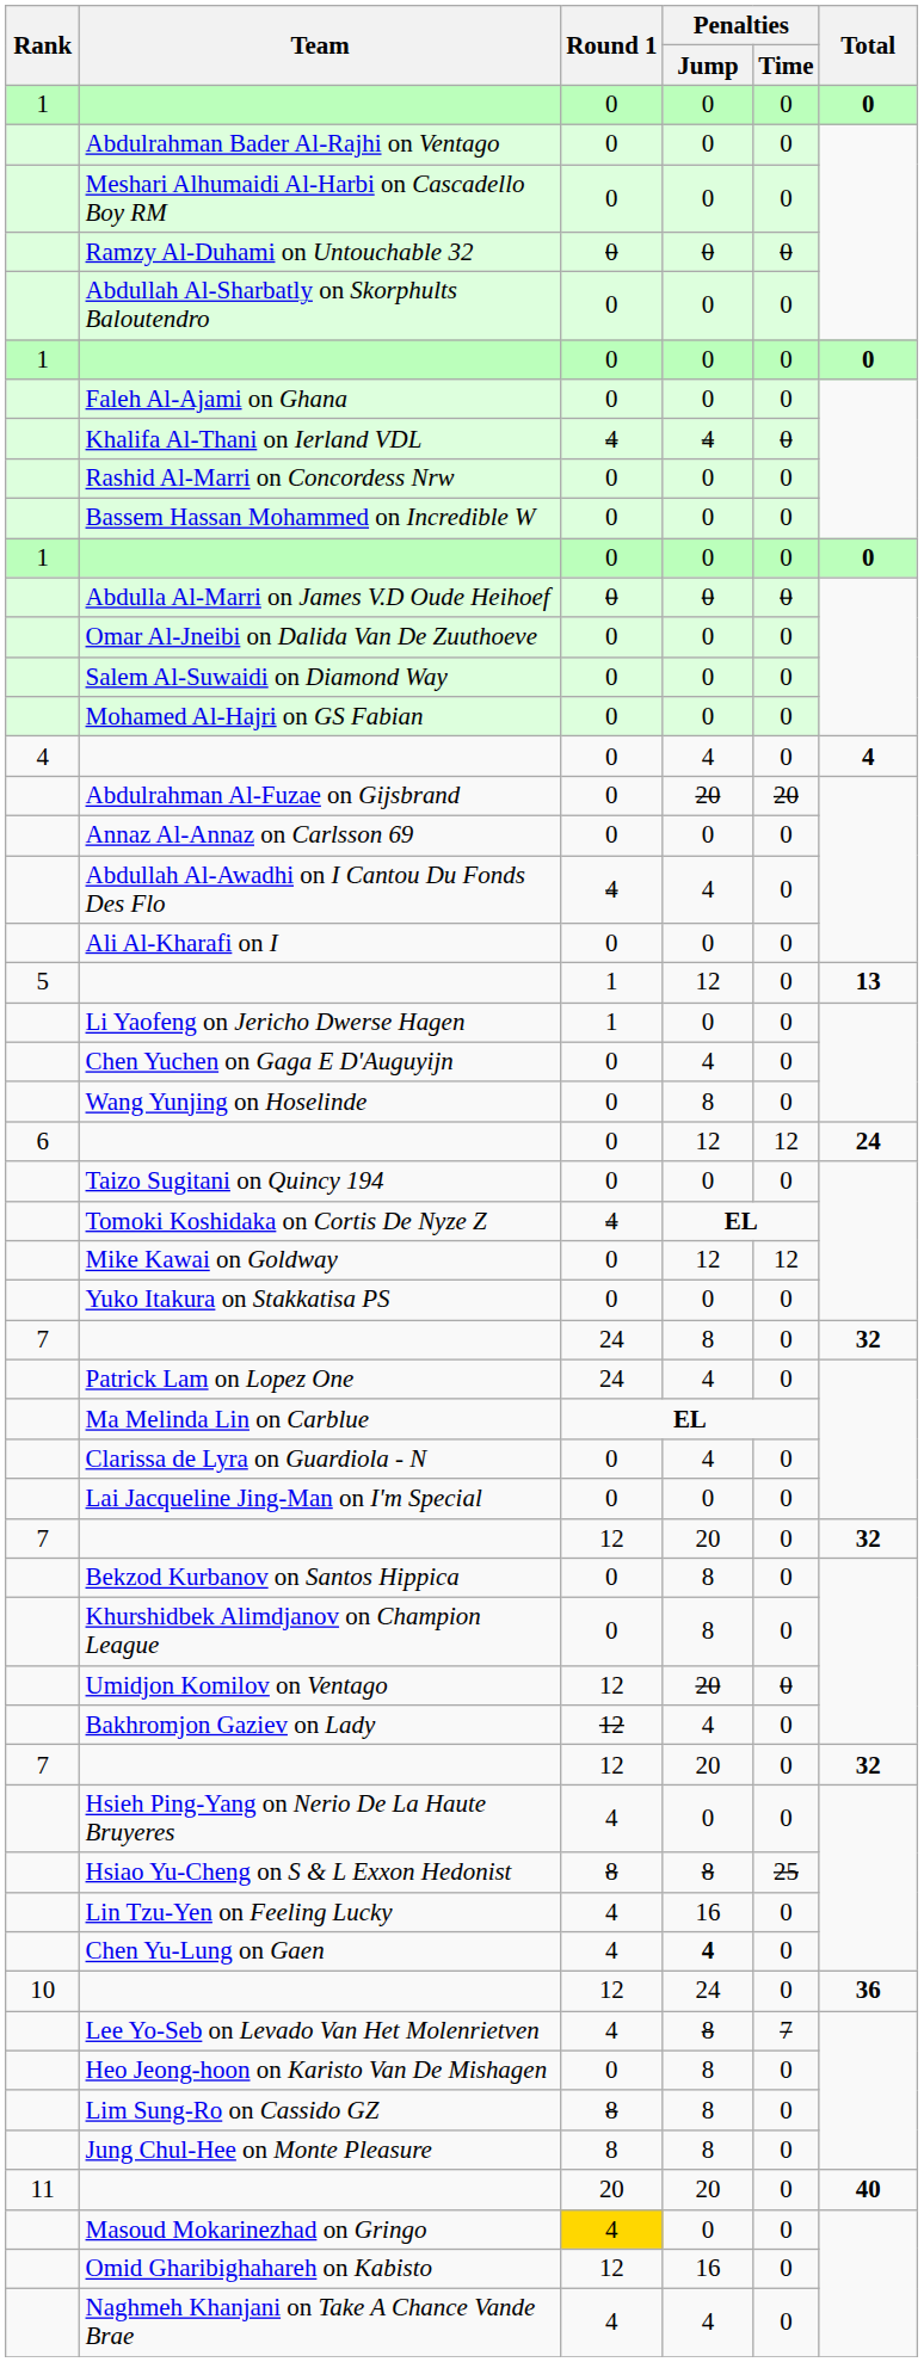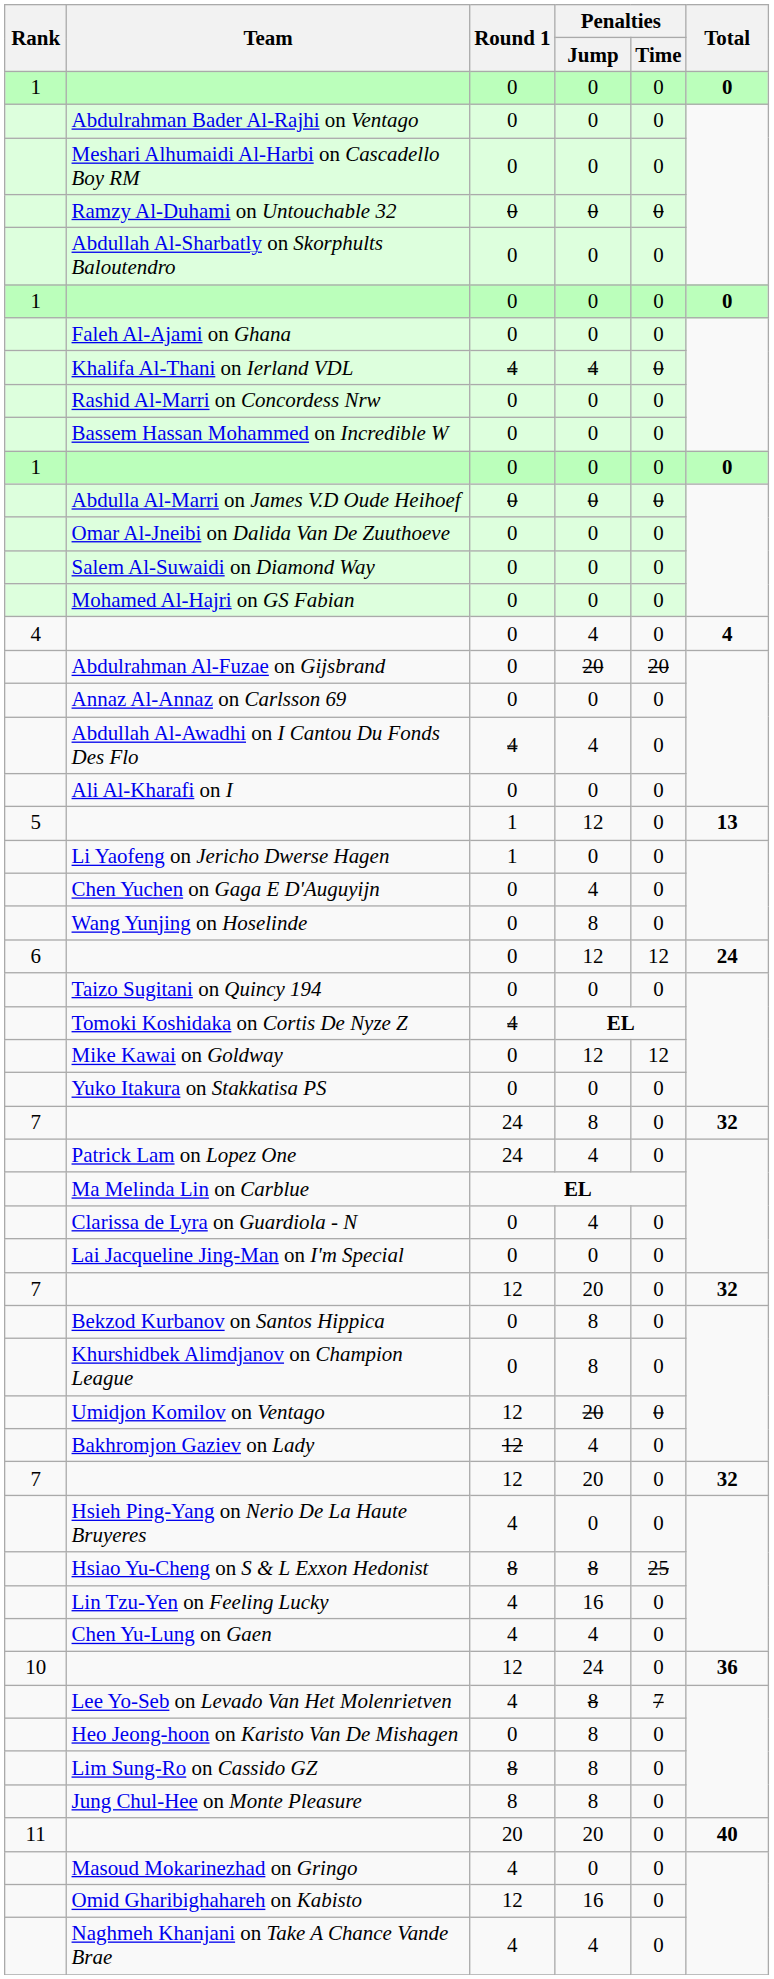 <table class=wikitable style="text-align:center">
 <tr>
 <th rowspan=2 width=40>Rank</th>
 <th rowspan=2 width=300>Team</th>
 <th rowspan=2>Round 1</th>
 <th colspan=2>Penalties</th>
 <th rowspan=2 width=55>Total</th>
 </tr>
 <tr>
 <th width=50>Jump</th>
 <th width=35>Time</th>
 </tr>
 <tr bgcolor="#bbffbb">
 <td>1</td>
 <td align=left></td>
 <td>0</td>
 <td>0</td>
 <td>0</td>
 <td><strong>0</strong></td>
 </tr>
 <tr bgcolor="#ddffdd">
 <td></td>
 <td align=left><a href='#'>Abdulrahman Bader Al-Rajhi</a> on <em>Ventago</em></td>
 <td>0</td>
 <td>0</td>
 <td>0</td>
 </tr>
 <tr bgcolor="#ddffdd">
 <td></td>
 <td align=left><a href='#'>Meshari Alhumaidi Al-Harbi</a> on <em>Cascadello Boy RM </em></td>
 <td>0</td>
 <td>0</td>
 <td>0</td>
 </tr>
 <tr bgcolor="#ddffdd">
 <td></td>
 <td align=left><a href='#'>Ramzy Al-Duhami</a> on <em>Untouchable 32</em></td>
 <td><s>0</s></td>
 <td><s>0</s></td>
 <td><s>0</s></td>
 </tr>
 <tr bgcolor="#ddffdd">
 <td></td>
 <td align=left><a href='#'>Abdullah Al-Sharbatly</a> on <em>Skorphults Baloutendro</em></td>
 <td>0</td>
 <td>0</td>
 <td>0</td>
 </tr>
 <tr bgcolor="#bbffbb">
 <td>1</td>
 <td align=left></td>
 <td>0</td>
 <td>0</td>
 <td>0</td>
 <td><strong>0</strong></td>
 </tr>
 <tr bgcolor="#ddffdd">
 <td></td>
 <td align=left><a href='#'>Faleh Al-Ajami</a> on <em>Ghana</em></td>
 <td>0</td>
 <td>0</td>
 <td>0</td>
 </tr>
 <tr bgcolor="#ddffdd">
 <td></td>
 <td align=left><a href='#'>Khalifa Al-Thani</a> on <em>Ierland VDL</em></td>
 <td><s>4</s></td>
 <td><s>4</s></td>
 <td><s>0</s></td>
 </tr>
 <tr bgcolor="#ddffdd">
 <td></td>
 <td align=left><a href='#'>Rashid Al-Marri</a> on <em>Concordess Nrw</em></td>
 <td>0</td>
 <td>0</td>
 <td>0</td>
 </tr>
 <tr bgcolor="#ddffdd">
 <td></td>
 <td align=left><a href='#'>Bassem Hassan Mohammed</a> on <em>Incredible W</em></td>
 <td>0</td>
 <td>0</td>
 <td>0</td>
 </tr>
 <tr bgcolor="#bbffbb">
 <td>1</td>
 <td align=left></td>
 <td>0</td>
 <td>0</td>
 <td>0</td>
 <td><strong>0</strong></td>
 </tr>
 <tr bgcolor="#ddffdd">
 <td></td>
 <td align=left><a href='#'>Abdulla Al-Marri</a> on <em>James V.D Oude Heihoef </em></td>
 <td><s>0</s></td>
 <td><s>0</s></td>
 <td><s>0</s></td>
 </tr>
 <tr bgcolor="#ddffdd">
 <td></td>
 <td align=left><a href='#'>Omar Al-Jneibi</a> on <em>Dalida Van De Zuuthoeve </em></td>
 <td>0</td>
 <td>0</td>
 <td>0</td>
 </tr>
 <tr bgcolor="#ddffdd">
 <td></td>
 <td align=left><a href='#'>Salem Al-Suwaidi</a> on <em>Diamond Way</em></td>
 <td>0</td>
 <td>0</td>
 <td>0</td>
 </tr>
 <tr bgcolor="#ddffdd">
 <td></td>
 <td align=left><a href='#'>Mohamed Al-Hajri</a> on <em>GS Fabian</em></td>
 <td>0</td>
 <td>0</td>
 <td>0</td>
 </tr>
 <tr>
 <td>4</td>
 <td align=left></td>
 <td>0</td>
 <td>4</td>
 <td>0</td>
 <td><strong>4</strong></td>
 </tr>
 <tr>
 <td></td>
 <td align=left><a href='#'>Abdulrahman Al-Fuzae</a> on <em>Gijsbrand</em></td>
 <td>0</td>
 <td><s>20</s></td>
 <td><s>20</s></td>
 </tr>
 <tr>
 <td></td>
 <td align=left><a href='#'>Annaz Al-Annaz</a> on <em>Carlsson 69 </em></td>
 <td>0</td>
 <td>0</td>
 <td>0</td>
 </tr>
 <tr>
 <td></td>
 <td align=left><a href='#'>Abdullah Al-Awadhi</a> on <em>I Cantou Du Fonds Des Flo</em></td>
 <td><s>4</s></td>
 <td>4</td>
 <td>0</td>
 </tr>
 <tr>
 <td></td>
 <td align=left><a href='#'>Ali Al-Kharafi</a> on <em>I</em></td>
 <td>0</td>
 <td>0</td>
 <td>0</td>
 </tr>
 <tr>
 <td>5</td>
 <td align=left></td>
 <td>1</td>
 <td>12</td>
 <td>0</td>
 <td><strong>13</strong></td>
 </tr>
 <tr>
 <td></td>
 <td align=left><a href='#'>Li Yaofeng</a> on <em>Jericho Dwerse Hagen</em></td>
 <td>1</td>
 <td>0</td>
 <td>0</td>
 </tr>
 <tr>
 <td></td>
 <td align=left><a href='#'>Chen Yuchen</a> on <em>Gaga E D'Auguyijn</em></td>
 <td>0</td>
 <td>4</td>
 <td>0</td>
 </tr>
 <tr>
 <td></td>
 <td align=left><a href='#'>Wang Yunjing</a> on <em>Hoselinde</em></td>
 <td>0</td>
 <td>8</td>
 <td>0</td>
 </tr>
 <tr>
 <td>6</td>
 <td align=left></td>
 <td>0</td>
 <td>12</td>
 <td>12</td>
 <td><strong>24</strong></td>
 </tr>
 <tr>
 <td></td>
 <td align=left><a href='#'>Taizo Sugitani</a> on <em>Quincy 194 </em></td>
 <td>0</td>
 <td>0</td>
 <td>0</td>
 </tr>
 <tr>
 <td></td>
 <td align=left><a href='#'>Tomoki Koshidaka</a> on <em>Cortis De Nyze Z</em></td>
 <td><s>4</s></td>
 <td colspan=2><strong>EL</strong></td>
 </tr>
 <tr>
 <td></td>
 <td align=left><a href='#'>Mike Kawai</a> on <em>Goldway</em></td>
 <td>0</td>
 <td>12</td>
 <td>12</td>
 </tr>
 <tr>
 <td></td>
 <td align=left><a href='#'>Yuko Itakura</a> on <em>Stakkatisa PS</em></td>
 <td>0</td>
 <td>0</td>
 <td>0</td>
 </tr>
 <tr>
 <td>7</td>
 <td align=left></td>
 <td>24</td>
 <td>8</td>
 <td>0</td>
 <td><strong>32</strong></td>
 </tr>
 <tr>
 <td></td>
 <td align=left><a href='#'>Patrick Lam</a> on <em>Lopez One </em></td>
 <td>24</td>
 <td>4</td>
 <td>0</td>
 </tr>
 <tr>
 <td></td>
 <td align=left><a href='#'>Ma Melinda Lin</a> on <em>Carblue</em></td>
 <td colspan=3><strong>EL</strong></td>
 </tr>
 <tr>
 <td></td>
 <td align=left><a href='#'>Clarissa de Lyra</a> on <em>Guardiola - N</em></td>
 <td>0</td>
 <td>4</td>
 <td>0</td>
 </tr>
 <tr>
 <td></td>
 <td align=left><a href='#'>Lai Jacqueline Jing-Man</a> on <em>I'm Special</em></td>
 <td>0</td>
 <td>0</td>
 <td>0</td>
 </tr>
 <tr>
 <td>7</td>
 <td align=left></td>
 <td>12</td>
 <td>20</td>
 <td>0</td>
 <td><strong>32</strong></td>
 </tr>
 <tr>
 <td></td>
 <td align=left><a href='#'>Bekzod Kurbanov</a> on <em>Santos Hippica</em></td>
 <td>0</td>
 <td>8</td>
 <td>0</td>
 </tr>
 <tr>
 <td></td>
 <td align=left><a href='#'>Khurshidbek Alimdjanov</a> on <em>Champion League</em></td>
 <td>0</td>
 <td>8</td>
 <td>0</td>
 </tr>
 <tr>
 <td></td>
 <td align=left><a href='#'>Umidjon Komilov</a> on <em>Ventago</em></td>
 <td>12</td>
 <td><s>20</s></td>
 <td><s>0</s></td>
 </tr>
 <tr>
 <td></td>
 <td align=left><a href='#'>Bakhromjon Gaziev</a> on <em>Lady</em></td>
 <td><s>12</s></td>
 <td>4</td>
 <td>0</td>
 </tr>
 <tr>
 <td>7</td>
 <td align=left></td>
 <td>12</td>
 <td>20</td>
 <td>0</td>
 <td><strong>32</strong></td>
 </tr>
 <tr>
 <td></td>
 <td align=left><a href='#'>Hsieh Ping-Yang</a> on <em>Nerio De La Haute Bruyeres</em></td>
 <td>4</td>
 <td>0</td>
 <td>0</td>
 </tr>
 <tr>
 <td></td>
 <td align=left><a href='#'>Hsiao Yu-Cheng</a> on <em>S & L Exxon Hedonist</em></td>
 <td><s>8</s></td>
 <td><s>8</s></td>
 <td><s>25</s></td>
 </tr>
 <tr>
 <td></td>
 <td align=left><a href='#'>Lin Tzu-Yen</a> on <em>Feeling Lucky</em></td>
 <td>4</td>
 <td>16</td>
 <td>0</td>
 </tr>
 <tr>
 <td></td>
 <td align=left><a href='#'>Chen Yu-Lung</a> on <em>Gaen</em></td>
 <td>4</td>
-<td><strong>4</strong></td>
+<td>4</td>
 <td>0</td>
 </tr>
 <tr>
 <td>10</td>
 <td align=left></td>
 <td>12</td>
 <td>24</td>
 <td>0</td>
 <td><strong>36</strong></td>
 </tr>
 <tr>
 <td></td>
 <td align=left><a href='#'>Lee Yo-Seb</a> on <em>Levado Van Het Molenrietven</em></td>
 <td>4</td>
 <td><s>8</s></td>
 <td><s>7</s></td>
 </tr>
 <tr>
 <td></td>
 <td align=left><a href='#'>Heo Jeong-hoon</a> on <em>Karisto Van De Mishagen</em></td>
 <td>0</td>
 <td>8</td>
 <td>0</td>
 </tr>
 <tr>
 <td></td>
 <td align=left><a href='#'>Lim Sung-Ro</a> on <em>Cassido GZ</em></td>
 <td><s>8</s></td>
 <td>8</td>
 <td>0</td>
 </tr>
 <tr>
 <td></td>
 <td align=left><a href='#'>Jung Chul-Hee</a> on <em>Monte Pleasure </em></td>
 <td>8</td>
 <td>8</td>
 <td>0</td>
 </tr>
 <tr>
 <td>11</td>
 <td align=left></td>
 <td>20</td>
 <td>20</td>
 <td>0</td>
 <td><strong>40</strong></td>
 </tr>
 <tr>
 <td></td>
 <td align=left><a href='#'>Masoud Mokarinezhad</a> on <em>Gringo</em></td>
-<td style="background: gold;">4</td>
+<td>4</td>
 <td>0</td>
 <td>0</td>
 </tr>
 <tr>
 <td></td>
 <td align=left><a href='#'>Omid Gharibighahareh</a> on <em>Kabisto</em></td>
 <td>12</td>
 <td>16</td>
 <td>0</td>
 </tr>
 <tr>
 <td></td>
 <td align=left><a href='#'>Naghmeh Khanjani</a> on <em>Take A Chance Vande Brae</em></td>
 <td>4</td>
 <td>4</td>
 <td>0</td>
 </tr>
 </table>
